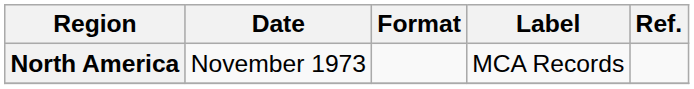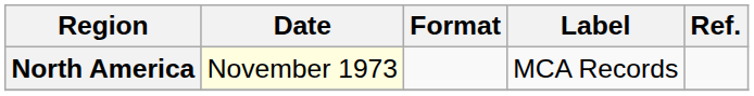 <table class="wikitable plainrowheaders">
 <tr>
 <th scope="col">Region</th>
 <th scope="col">Date</th>
 <th scope="col">Format</th>
 <th scope="col">Label</th>
 <th scope="col">Ref.</th>
 </tr>
 <tr>
 <th scope="row">North America</th>
-<td>November 1973</td>
+<td style="background: lightyellow;">November 1973</td>
 <td></td>
 <td>MCA Records</td>
 <td></td>
 </tr>
 <tr>
 </tr>
 </table>
